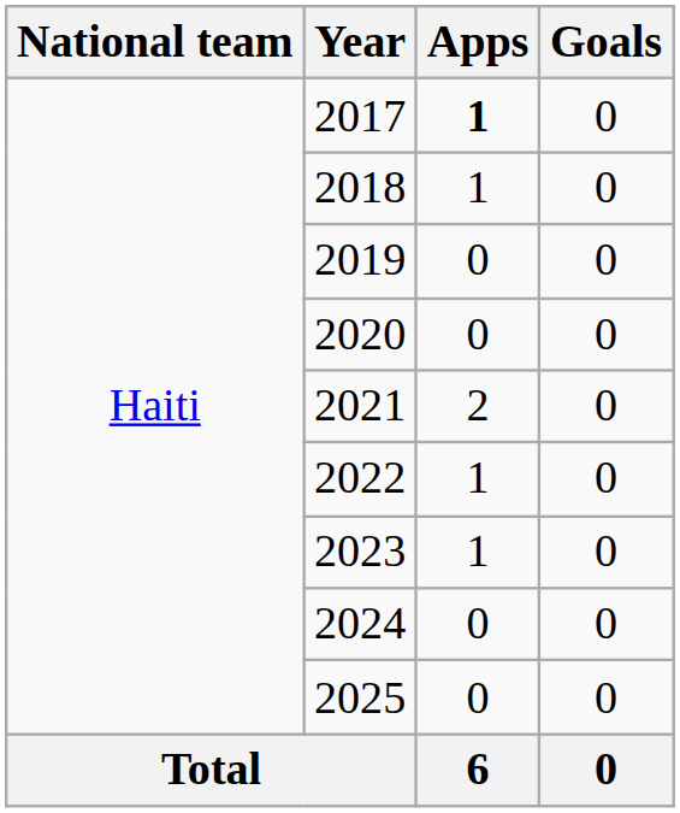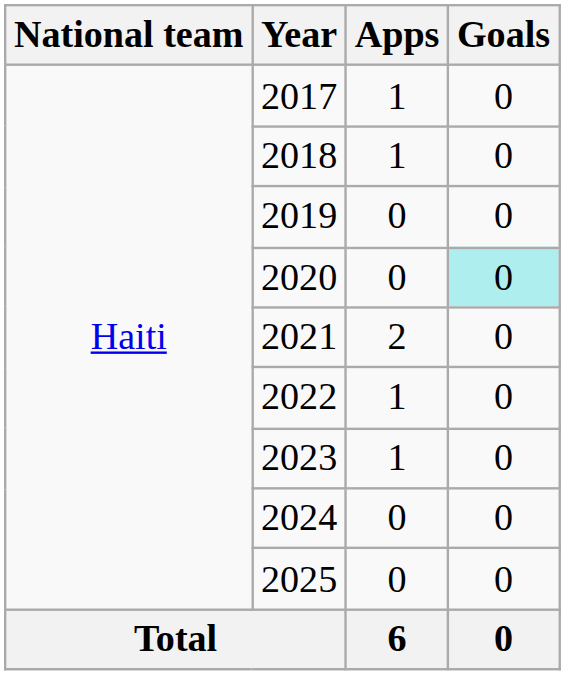 <table class="wikitable" style="text-align: center;">
 <tr>
 <th>National team</th>
 <th>Year</th>
 <th>Apps</th>
 <th>Goals</th>
 </tr>
 <tr>
 <td rowspan="9"><a href='#'>Haiti</a></td>
 <td>2017</td>
-<td><strong>1</strong></td>
+<td>1</td>
 <td>0</td>
 </tr>
 <tr>
 <td>2018</td>
 <td>1</td>
 <td>0</td>
 </tr>
 <tr>
 <td>2019</td>
 <td>0</td>
 <td>0</td>
 </tr>
 <tr>
 <td>2020</td>
 <td>0</td>
-<td>0</td>
+<td style="background: paleturquoise;">0</td>
 </tr>
 <tr>
 <td>2021</td>
 <td>2</td>
 <td>0</td>
 </tr>
 <tr>
 <td>2022</td>
 <td>1</td>
 <td>0</td>
 </tr>
 <tr>
 <td>2023</td>
 <td>1</td>
 <td>0</td>
 </tr>
 <tr>
 <td>2024</td>
 <td>0</td>
 <td>0</td>
 </tr>
 <tr>
 <td>2025</td>
 <td>0</td>
 <td>0</td>
 </tr>
 <tr>
 <th colspan="2">Total</th>
 <th>6</th>
 <th>0</th>
 </tr>
 </table>
